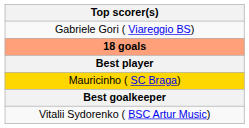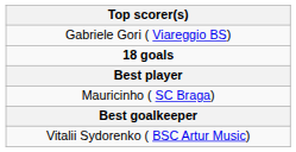 <table class="wikitable" style="margin: 1em auto 1em auto;">
 <tr>
 <th width=350 colspan=3>Top scorer(s)</th>
 </tr>
 <tr align=center style="background:">
 <td style="text-align:center;"> Gabriele Gori ( <a href='#'>Viareggio BS</a>)</td>
 </tr>
 <tr>
-<td style="background: lightsalmon; text-align:center;"><strong>18 goals</strong></td>
+<td style="text-align:center;"><strong>18 goals</strong></td>
 </tr>
 <tr>
 <th colspan=3>Best player</th>
 </tr>
 <tr>
-<td style="background: gold; text-align:center;"> Mauricinho ( <a href='#'>SC Braga</a>)</td>
+<td style="text-align:center;"> Mauricinho ( <a href='#'>SC Braga</a>)</td>
 </tr>
 <tr>
 <th colspan=3>Best goalkeeper</th>
 </tr>
 <tr>
 <td style="text-align:center;"> Vitalii Sydorenko ( <a href='#'>BSC Artur Music</a>)</td>
 </tr>
 </table>
